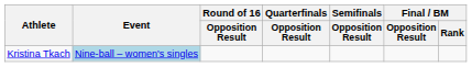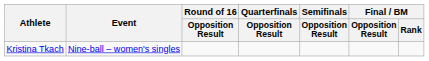 <table class="wikitable" style="font-size:90%">
 <tr>
 <th rowspan=2>Athlete</th>
 <th rowspan=2>Event</th>
 <th>Round of 16</th>
 <th>Quarterfinals</th>
 <th>Semifinals</th>
 <th colspan=2>Final / BM</th>
 </tr>
 <tr style="font-size:95%">
 <th>Opposition<br>Result</th>
 <th>Opposition<br>Result</th>
 <th>Opposition<br>Result</th>
 <th>Opposition<br>Result</th>
 <th>Rank</th>
 </tr>
 <tr align=center>
 <td align=left><a href='#'>Kristina Tkach</a></td>
-<td align=left style="background: lightblue;"><a href='#'>Nine-ball – women's singles</a></td>
+<td align=left><a href='#'>Nine-ball – women's singles</a></td>
 <td></td>
 <td></td>
 <td></td>
 <td></td>
 <td></td>
 </tr>
 </table>
